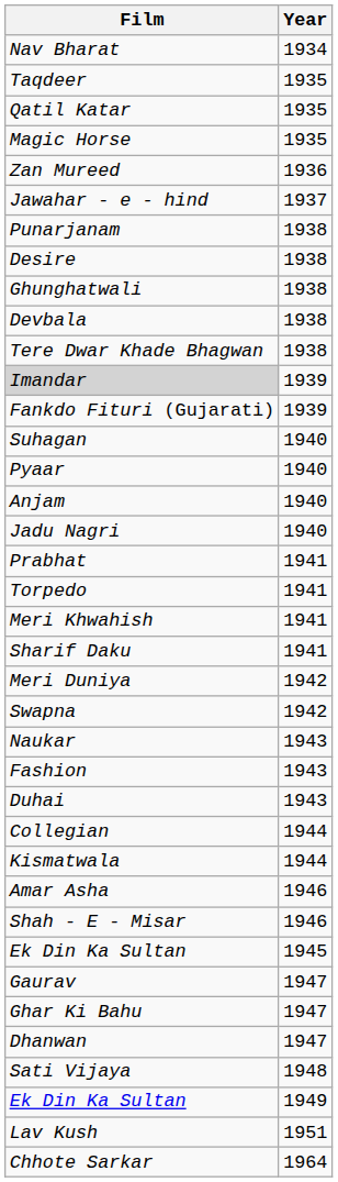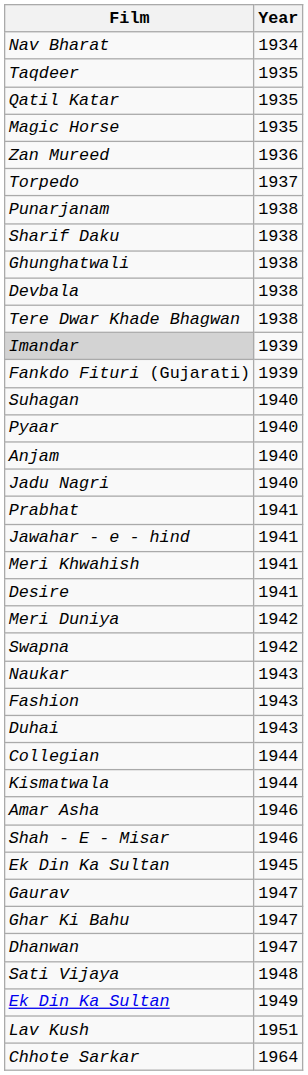 <table class="wikitable">
 <tr>
 <th>Film</th>
 <th>Year</th>
 </tr>
 <tr>
 <td><em>Nav Bharat</em></td>
 <td>1934</td>
 </tr>
 <tr>
 <td><em>Taqdeer</em></td>
 <td>1935</td>
 </tr>
 <tr>
 <td><em>Qatil Katar</em></td>
 <td>1935</td>
 </tr>
 <tr>
 <td><em>Magic Horse</em></td>
 <td>1935</td>
 </tr>
 <tr>
 <td><em>Zan Mureed</em></td>
 <td>1936</td>
 </tr>
 <tr>
-<td><em>Jawahar - e - hind</em></td>
+<td><em>Torpedo</em></td>
 <td>1937</td>
 </tr>
 <tr>
 <td><em>Punarjanam</em></td>
 <td>1938</td>
 </tr>
 <tr>
-<td><em>Desire</em></td>
+<td><em>Sharif Daku</em></td>
 <td>1938</td>
 </tr>
 <tr>
 <td><em>Ghunghatwali</em></td>
 <td>1938</td>
 </tr>
 <tr>
 <td><em>Devbala</em></td>
 <td>1938</td>
 </tr>
 <tr>
 <td><em>Tere Dwar Khade Bhagwan</em></td>
 <td>1938</td>
 </tr>
 <tr>
 <td style="background: lightgrey;"><em>Imandar</em></td>
 <td>1939</td>
 </tr>
 <tr>
 <td><em>Fankdo Fituri</em> (Gujarati)</td>
 <td>1939</td>
 </tr>
 <tr>
 <td><em>Suhagan</em></td>
 <td>1940</td>
 </tr>
 <tr>
 <td><em>Pyaar</em></td>
 <td>1940</td>
 </tr>
 <tr>
 <td><em>Anjam</em></td>
 <td>1940</td>
 </tr>
 <tr>
 <td><em>Jadu Nagri</em></td>
 <td>1940</td>
 </tr>
 <tr>
 <td><em>Prabhat</em></td>
 <td>1941</td>
 </tr>
 <tr>
-<td><em>Torpedo</em></td>
+<td><em>Jawahar - e - hind</em></td>
 <td>1941</td>
 </tr>
 <tr>
 <td><em>Meri Khwahish</em></td>
 <td>1941</td>
 </tr>
 <tr>
-<td><em>Sharif Daku</em></td>
+<td><em>Desire</em></td>
 <td>1941</td>
 </tr>
 <tr>
 <td><em>Meri Duniya</em></td>
 <td>1942</td>
 </tr>
 <tr>
 <td><em>Swapna</em></td>
 <td>1942</td>
 </tr>
 <tr>
 <td><em>Naukar</em></td>
 <td>1943</td>
 </tr>
 <tr>
 <td><em>Fashion</em></td>
 <td>1943</td>
 </tr>
 <tr>
 <td><em>Duhai</em></td>
 <td>1943</td>
 </tr>
 <tr>
 <td><em>Collegian</em></td>
 <td>1944</td>
 </tr>
 <tr>
 <td><em>Kismatwala</em></td>
 <td>1944</td>
 </tr>
 <tr>
 <td><em>Amar Asha</em></td>
 <td>1946</td>
 </tr>
 <tr>
 <td><em>Shah - E - Misar</em></td>
 <td>1946</td>
 </tr>
 <tr>
 <td><em>Ek Din Ka Sultan</em></td>
 <td>1945</td>
 </tr>
 <tr>
 <td><em>Gaurav</em></td>
 <td>1947</td>
 </tr>
 <tr>
 <td><em>Ghar Ki Bahu</em></td>
 <td>1947</td>
 </tr>
 <tr>
 <td><em>Dhanwan</em></td>
 <td>1947</td>
 </tr>
 <tr>
 <td><em>Sati Vijaya</em></td>
 <td>1948</td>
 </tr>
 <tr>
 <td><em><a href='#'>Ek Din Ka Sultan</a></em></td>
 <td>1949</td>
 </tr>
 <tr>
 <td><em>Lav Kush</em></td>
 <td>1951</td>
 </tr>
 <tr>
 <td><em>Chhote Sarkar</em></td>
 <td>1964</td>
 </tr>
 </table>
